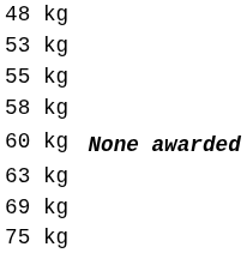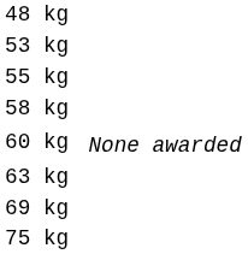 <table>
 <tr>
 <td rowspan=2>48 kg</td>
 <td rowspan=2></td>
 <td rowspan=2></td>
 <td></td>
 </tr>
 <tr>
 <td></td>
 </tr>
 <tr>
 <td rowspan=2>53 kg</td>
 <td rowspan=2></td>
 <td rowspan=2></td>
 <td></td>
 </tr>
 <tr>
 <td></td>
 </tr>
 <tr>
 <td rowspan=2>55 kg</td>
 <td rowspan=2></td>
 <td rowspan=2></td>
 <td></td>
 </tr>
 <tr>
 <td></td>
 </tr>
 <tr>
 <td rowspan=2>58 kg</td>
 <td rowspan=2></td>
 <td rowspan=2></td>
 <td></td>
 </tr>
 <tr>
 <td></td>
 </tr>
 <tr>
 <td rowspan=2>60 kg</td>
 <td rowspan=2></td>
 <td rowspan=2></td>
 <td></td>
 </tr>
 <tr>
-<td><strong><em>None awarded</em></strong></td>
+<td><em>None awarded</em></td>
 </tr>
 <tr>
 <td rowspan=2>63 kg</td>
 <td rowspan=2></td>
 <td rowspan=2></td>
 <td></td>
 </tr>
 <tr>
 <td></td>
 </tr>
 <tr>
 <td rowspan=2>69 kg</td>
 <td rowspan=2></td>
 <td rowspan=2></td>
 <td></td>
 </tr>
 <tr>
 <td></td>
 </tr>
 <tr>
 <td rowspan=2>75 kg</td>
 <td rowspan=2></td>
 <td rowspan=2></td>
 <td></td>
 </tr>
 <tr>
 <td></td>
 </tr>
 </table>
